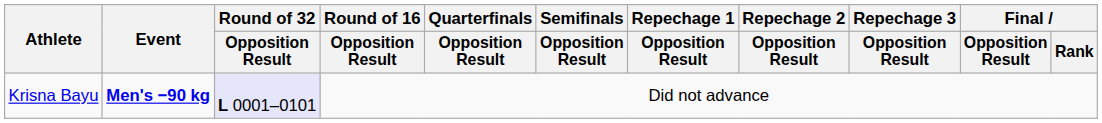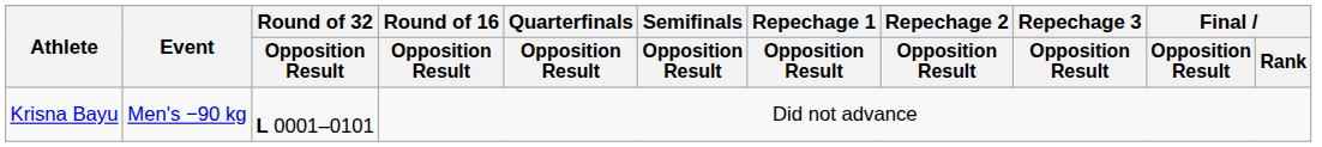 <table class="wikitable" style="font-size:90%">
 <tr>
 <th rowspan="2">Athlete</th>
 <th rowspan="2">Event</th>
 <th>Round of 32</th>
 <th>Round of 16</th>
 <th>Quarterfinals</th>
 <th>Semifinals</th>
 <th>Repechage 1</th>
 <th>Repechage 2</th>
 <th>Repechage 3</th>
 <th colspan=2>Final / </th>
 </tr>
 <tr style="font-size:95%">
 <th>Opposition<br>Result</th>
 <th>Opposition<br>Result</th>
 <th>Opposition<br>Result</th>
 <th>Opposition<br>Result</th>
 <th>Opposition<br>Result</th>
 <th>Opposition<br>Result</th>
 <th>Opposition<br>Result</th>
 <th>Opposition<br>Result</th>
 <th>Rank</th>
 </tr>
 <tr align=center>
 <td align=left><a href='#'>Krisna Bayu</a></td>
-<td align=left><strong><a href='#'>Men's −90 kg</a></strong></td>
-<td style="background: lavender;"><br><strong>L</strong> 0001–0101</td>
+<td align=left><a href='#'>Men's −90 kg</a></td>
+<td><br><strong>L</strong> 0001–0101</td>
 <td colspan=8>Did not advance</td>
 </tr>
 </table>
